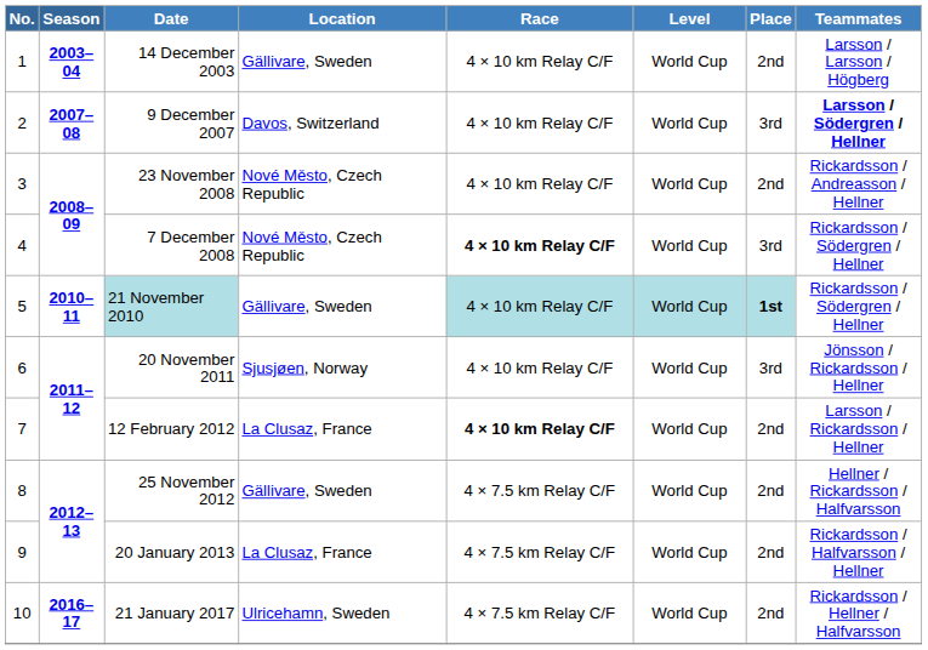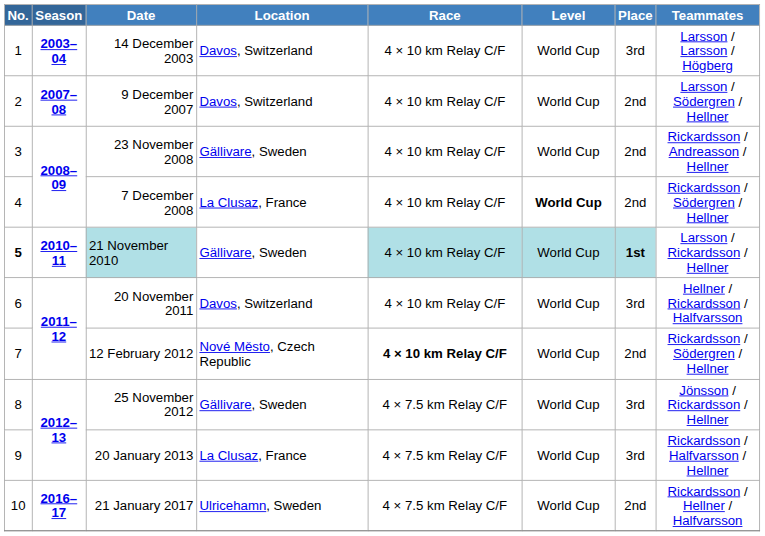 <table class="wikitable sortable" style="font-size:95%; text-align:center; border:grey solid 1px; border-collapse:collapse; background:#ffffff;">
 <tr style="background:#efefef;">
 <th style="background-color:#369; color:white;">No.</th>
 <th style="background-color:#369; color:white;">Season</th>
 <th style="background-color:#4180be; color:white; width:120px;">Date</th>
 <th style="background-color:#4180be; color:white; width:190px;">Location</th>
 <th style="background-color:#4180be; color:white; width:170px;">Race</th>
 <th style="background-color:#4180be; color:white; width:100px;">Level</th>
 <th style="background-color:#4180be; color:white;">Place</th>
 <th style="background-color:#4180be; color:white;">Teammates</th>
 </tr>
 <tr>
 <td align=center>1</td>
 <td rowspan=1 align=center><strong><a href='#'>2003–04</a></strong></td>
 <td align=right>14 December 2003</td>
-<td align=left> <a href='#'>Gällivare</a>, Sweden</td>
+<td align=left> <a href='#'>Davos</a>, Switzerland</td>
 <td>4 × 10 km Relay C/F</td>
 <td>World Cup</td>
-<td>2nd</td>
+<td>3rd</td>
 <td><a href='#'>Larsson</a> / <a href='#'>Larsson</a> / <a href='#'>Högberg</a></td>
 </tr>
 <tr>
 <td align=center>2</td>
 <td rowspan=1 align=center><strong><a href='#'>2007–08</a></strong></td>
 <td align=right>9 December 2007</td>
 <td align=left> <a href='#'>Davos</a>, Switzerland</td>
 <td>4 × 10 km Relay C/F</td>
 <td>World Cup</td>
-<td>3rd</td>
-<td><strong><a href='#'>Larsson</a> / <a href='#'>Södergren</a> / <a href='#'>Hellner</a></strong></td>
+<td>2nd</td>
+<td><a href='#'>Larsson</a> / <a href='#'>Södergren</a> / <a href='#'>Hellner</a></td>
 </tr>
 <tr>
 <td align=center>3</td>
 <td rowspan=2 align=center><strong><a href='#'>2008–09</a></strong></td>
 <td align=right>23 November 2008</td>
-<td align=left> <a href='#'>Nové Město</a>, Czech Republic</td>
+<td align=left> <a href='#'>Gällivare</a>, Sweden</td>
 <td>4 × 10 km Relay C/F</td>
 <td>World Cup</td>
 <td>2nd</td>
 <td><a href='#'>Rickardsson</a> / <a href='#'>Andreasson</a> / <a href='#'>Hellner</a></td>
 </tr>
 <tr>
 <td align=center>4</td>
 <td align=right>7 December 2008</td>
-<td align=left> <a href='#'>Nové Město</a>, Czech Republic</td>
-<td><strong>4 × 10 km Relay C/F</strong></td>
-<td>World Cup</td>
-<td>3rd</td>
+<td align=left> <a href='#'>La Clusaz</a>, France</td>
+<td>4 × 10 km Relay C/F</td>
+<td><strong>World Cup</strong></td>
+<td>2nd</td>
 <td><a href='#'>Rickardsson</a> / <a href='#'>Södergren</a> / <a href='#'>Hellner</a></td>
 </tr>
 <tr>
-<td align=center>5</td>
+<td align=center><strong>5</strong></td>
 <td rowspan=1 align=center><strong><a href='#'>2010–11</a></strong></td>
 <td align=left bgcolor="#BOEOE6" align=right>21 November 2010</td>
 <td align=left> <a href='#'>Gällivare</a>, Sweden</td>
 <td bgcolor="#BOEOE6" align=center>4 × 10 km Relay C/F</td>
 <td bgcolor="#BOEOE6">World Cup</td>
 <td bgcolor="#BOEOE6"><strong>1st</strong></td>
-<td><a href='#'>Rickardsson</a> / <a href='#'>Södergren</a> / <a href='#'>Hellner</a></td>
+<td><a href='#'>Larsson</a> / <a href='#'>Rickardsson</a> / <a href='#'>Hellner</a></td>
 </tr>
 <tr>
 <td align=center>6</td>
 <td rowspan=2 align=center><strong><a href='#'>2011–12</a></strong></td>
 <td align=right>20 November 2011</td>
-<td align=left> <a href='#'>Sjusjøen</a>, Norway</td>
+<td align=left> <a href='#'>Davos</a>, Switzerland</td>
 <td>4 × 10 km Relay C/F</td>
 <td>World Cup</td>
 <td>3rd</td>
-<td><a href='#'>Jönsson</a> / <a href='#'>Rickardsson</a> / <a href='#'>Hellner</a></td>
+<td><a href='#'>Hellner</a> / <a href='#'>Rickardsson</a> / <a href='#'>Halfvarsson</a></td>
 </tr>
 <tr>
 <td align=center>7</td>
 <td align=right>12 February 2012</td>
-<td align=left> <a href='#'>La Clusaz</a>, France</td>
+<td align=left> <a href='#'>Nové Město</a>, Czech Republic</td>
 <td><strong>4 × 10 km Relay C/F</strong></td>
 <td>World Cup</td>
 <td>2nd</td>
-<td><a href='#'>Larsson</a> / <a href='#'>Rickardsson</a> / <a href='#'>Hellner</a></td>
+<td><a href='#'>Rickardsson</a> / <a href='#'>Södergren</a> / <a href='#'>Hellner</a></td>
 </tr>
 <tr>
 <td align=center>8</td>
 <td rowspan=2 align=center><strong><a href='#'>2012–13</a></strong></td>
 <td align=right>25 November 2012</td>
 <td align=left> <a href='#'>Gällivare</a>, Sweden</td>
 <td>4 × 7.5 km Relay C/F</td>
 <td>World Cup</td>
-<td>2nd</td>
-<td><a href='#'>Hellner</a> / <a href='#'>Rickardsson</a> / <a href='#'>Halfvarsson</a></td>
+<td>3rd</td>
+<td><a href='#'>Jönsson</a> / <a href='#'>Rickardsson</a> / <a href='#'>Hellner</a></td>
 </tr>
 <tr>
 <td align=center>9</td>
 <td align=right>20 January 2013</td>
 <td align=left> <a href='#'>La Clusaz</a>, France</td>
 <td>4 × 7.5 km Relay C/F</td>
 <td>World Cup</td>
-<td>2nd</td>
+<td>3rd</td>
 <td><a href='#'>Rickardsson</a> / <a href='#'>Halfvarsson</a> / <a href='#'>Hellner</a></td>
 </tr>
 <tr>
 <td align=center>10</td>
 <td rowspan=1 align=center><strong><a href='#'>2016–17</a></strong></td>
 <td align=right>21 January 2017</td>
 <td align=left> <a href='#'>Ulricehamn</a>, Sweden</td>
 <td>4 × 7.5 km Relay C/F</td>
 <td>World Cup</td>
 <td>2nd</td>
 <td><a href='#'>Rickardsson</a> / <a href='#'>Hellner</a> / <a href='#'>Halfvarsson</a></td>
 </tr>
 <tr>
 </tr>
 </table>
